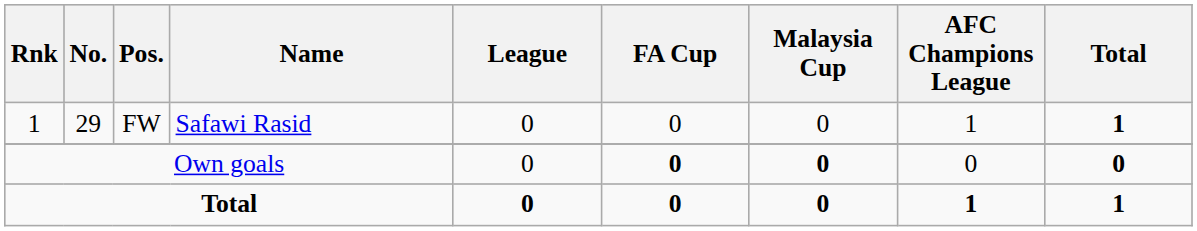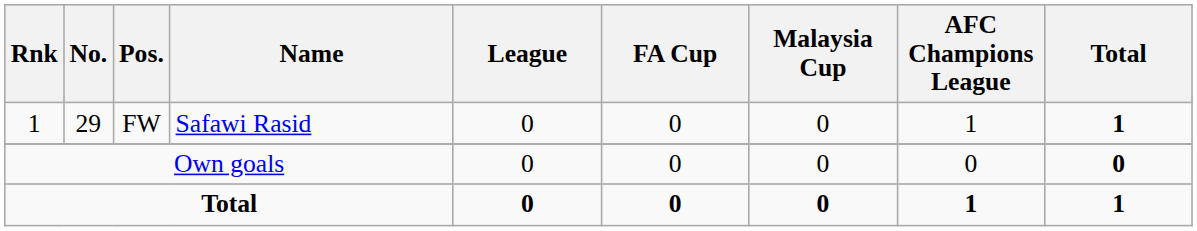 <table class="wikitable" style="text-align:center">
 <tr>
 <th>Rnk</th>
 <th>No.</th>
 <th>Pos.</th>
 <th width=170>Name</th>
 <th style="width:85px;">League</th>
 <th style="width:85px;">FA Cup</th>
 <th style="width:85px;">Malaysia Cup</th>
 <th style="width:85px;">AFC Champions League</th>
 <th style="width:85px;">Total</th>
 </tr>
 <tr>
 <td rowspan=1>1</td>
 <td>29</td>
 <td>FW</td>
 <td align=left> <a href='#'>Safawi Rasid</a></td>
 <td>0</td>
 <td>0</td>
 <td>0</td>
 <td>1</td>
 <td><strong>1</strong></td>
 </tr>
 <tr>
 </tr>
 <tr class="sortbottom">
 <td colspan="4"><a href='#'>Own goals</a></td>
 <td>0</td>
-<td><strong>0</strong></td>
-<td><strong>0</strong></td>
+<td>0</td>
+<td>0</td>
 <td>0</td>
 <td><strong>0</strong></td>
 </tr>
 <tr class="sortbottom">
 <td colspan=4><strong>Total</strong></td>
 <td><strong>0</strong></td>
 <td><strong>0</strong></td>
 <td><strong>0</strong></td>
 <td><strong>1</strong></td>
 <td><strong>1</strong></td>
 </tr>
 </table>
